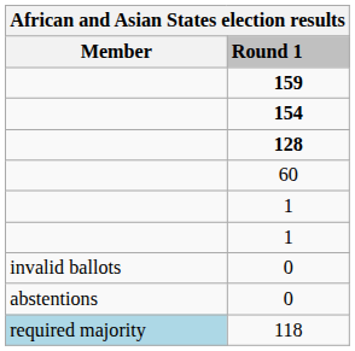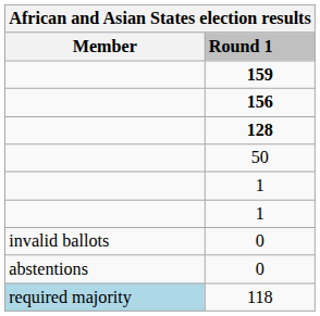 <table class="wikitable collapsible">
 <tr>
 <th colspan="2">African and Asian States election results</th>
 </tr>
 <tr>
 <th>Member</th>
 <td style="background:silver;"><strong>Round 1</strong></td>
 </tr>
 <tr>
 <td></td>
 <td style="text-align:center;"><strong>159</strong></td>
 </tr>
 <tr>
 <td></td>
-<td style="text-align:center;"><strong>154</strong></td>
+<td style="text-align:center;"><strong>156</strong></td>
 </tr>
 <tr>
 <td></td>
 <td style="text-align:center;"><strong>128</strong></td>
 </tr>
 <tr>
 <td></td>
-<td style="text-align:center;">60</td>
+<td style="text-align:center;">50</td>
 </tr>
 <tr>
 <td></td>
 <td style="text-align:center;">1</td>
 </tr>
 <tr>
 <td></td>
 <td style="text-align:center;">1</td>
 </tr>
 <tr>
 <td>invalid ballots</td>
 <td style="text-align:center;">0</td>
 </tr>
 <tr>
 <td>abstentions</td>
 <td style="text-align:center;">0</td>
 </tr>
 <tr>
 <td style="background: lightblue;">required majority</td>
 <td style="text-align:center;">118</td>
 </tr>
 </table>
